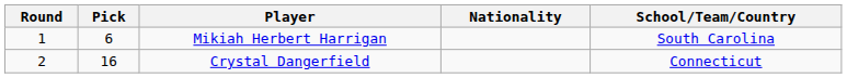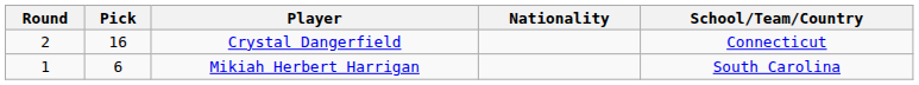 <table class="wikitable" style="text-align:center; width:60em">
 <tr>
 <th>Round</th>
 <th>Pick</th>
 <th>Player</th>
 <th>Nationality</th>
 <th>School/Team/Country</th>
 </tr>
 <tr>
+<td>2</td>
+<td>16</td>
+<td><a href='#'>Crystal Dangerfield</a></td>
+<td></td>
+<td><a href='#'>Connecticut</a></td>
+</tr>
+<tr>
 <td>1</td>
 <td>6</td>
 <td><a href='#'>Mikiah Herbert Harrigan</a></td>
 <td><br></td>
 <td><a href='#'>South Carolina</a></td>
 </tr>
-<tr>
-<td>2</td>
-<td>16</td>
-<td><a href='#'>Crystal Dangerfield</a></td>
-<td></td>
-<td><a href='#'>Connecticut</a></td>
-</tr>
 </table>
